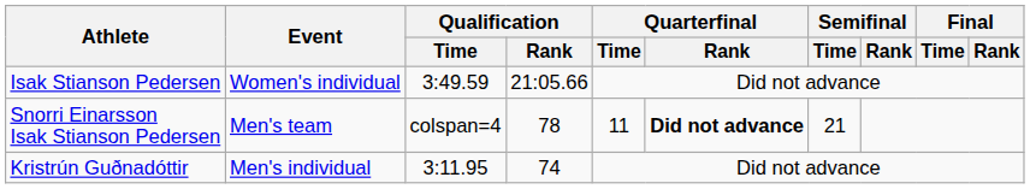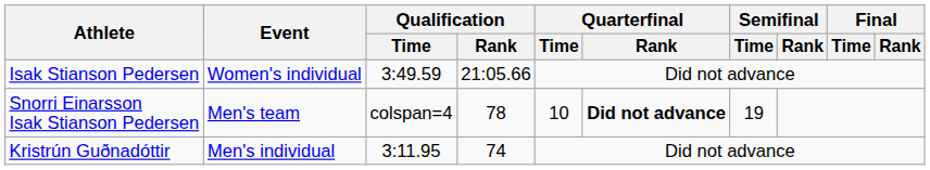 <table class=wikitable style=font-size:90%;text-align:center>
 <tr>
 <th rowspan=2>Athlete</th>
 <th rowspan=2>Event</th>
 <th colspan=2>Qualification</th>
 <th colspan=2>Quarterfinal</th>
 <th colspan=2>Semifinal</th>
 <th colspan=2>Final</th>
 </tr>
 <tr style=font-size:95%>
 <th>Time</th>
 <th>Rank</th>
 <th>Time</th>
 <th>Rank</th>
 <th>Time</th>
 <th>Rank</th>
 <th>Time</th>
 <th>Rank</th>
 </tr>
 <tr>
 <td align=left><a href='#'>Isak Stianson Pedersen</a></td>
 <td align=left><a href='#'>Women's individual</a></td>
 <td>3:49.59</td>
 <td>21:05.66</td>
 <td colspan=6>Did not advance</td>
 </tr>
 <tr>
 <td align=left><a href='#'>Snorri Einarsson</a><br><a href='#'>Isak Stianson Pedersen</a></td>
 <td align=left><a href='#'>Men's team</a></td>
 <td>colspan=4 </td>
 <td>78</td>
-<td>11</td>
+<td>10</td>
 <td><strong>Did not advance</strong></td>
-<td>21</td>
+<td>19</td>
 </tr>
 <tr>
 <td align=left><a href='#'>Kristrún Guðnadóttir</a></td>
 <td align=left><a href='#'>Men's individual</a></td>
 <td>3:11.95</td>
 <td>74</td>
 <td colspan=6>Did not advance</td>
 </tr>
 </table>
